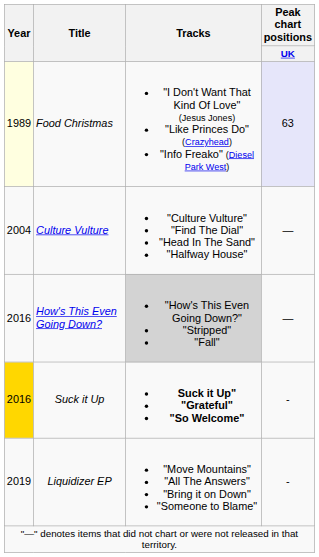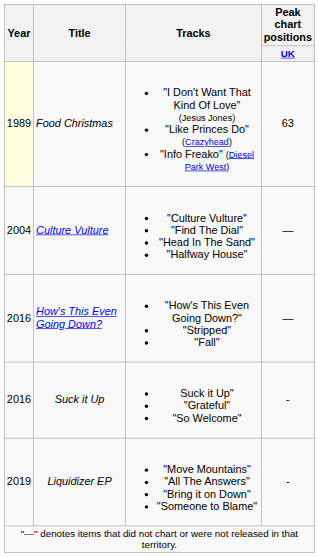 <table class="wikitable" style="text-align:center;">
 <tr>
 <th rowspan="2" style="width:2em;">Year</th>
 <th rowspan="2" style="width:8em;">Title</th>
 <th rowspan="2" style="width:12em;">Tracks</th>
 <th colspan="1">Peak chart positions</th>
 </tr>
 <tr>
 <th style="width:2em;font-size:90%;"><a href='#'>UK</a><br></th>
 </tr>
 <tr>
 <td style="background: lightyellow;">1989</td>
 <td style="text-align:left;"><em>Food Christmas</em></td>
 <td><br><ul><li>"I Don't Want That Kind Of Love"<br><small>(Jesus Jones)</small></li><li>"Like Princes Do" <small>(<a href='#'>Crazyhead</a>)</small></li><li>"Info Freako" <small>(<a href='#'>Diesel Park West</a>)</small></li></ul></td>
-<td style="background: lavender;">63</td>
+<td>63</td>
 </tr>
 <tr>
 <td>2004</td>
 <td style="text-align:left;"><em><a href='#'>Culture Vulture</a></em></td>
 <td><br><ul><li>"Culture Vulture"</li><li>"Find The Dial"</li><li>"Head In The Sand"</li><li>"Halfway House"</li></ul></td>
 <td>—</td>
 </tr>
 <tr>
 <td>2016</td>
 <td style="text-align:left;"><em><a href='#'>How's This Even Going Down?</a></em></td>
-<td style="background: lightgrey;"><br><ul><li>"How's This Even Going Down?"</li><li>"Stripped"</li><li>"Fall"</li></ul></td>
+<td><br><ul><li>"How's This Even Going Down?"</li><li>"Stripped"</li><li>"Fall"</li></ul></td>
 <td>—</td>
 </tr>
 <tr>
-<td style="background: gold;">2016</td>
+<td>2016</td>
 <td><em>Suck it Up</em></td>
-<td><strong><br><ul><li>Suck it Up"</li><li>"Grateful"</li><li>"So Welcome"</li></ul></strong></td>
+<td><br><ul><li>Suck it Up"</li><li>"Grateful"</li><li>"So Welcome"</li></ul></td>
 <td>-</td>
 </tr>
 <tr>
 <td>2019</td>
 <td><em>Liquidizer EP</em></td>
 <td><br><ul><li>"Move Mountains"</li><li>"All The Answers"</li><li>"Bring it on Down"</li><li>"Someone to Blame"</li></ul></td>
 <td>-</td>
 </tr>
 <tr>
 <td colspan="15" style="font-size:90%">"—" denotes items that did not chart or were not released in that territory.</td>
 </tr>
 </table>
